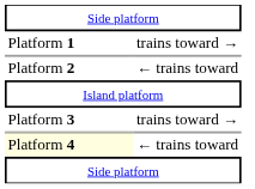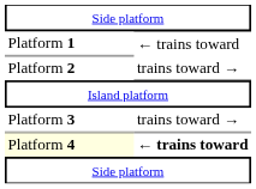 <table table border=0 cellspacing=0 cellpadding=3>
 <tr>
 <td style="border-top:solid 1px black;border-right:solid 2px black;border-left:solid 2px black;border-bottom:solid 2px black;text-align:center;" colspan=2><small><a href='#'>Side platform</a></small></td>
 </tr>
 <tr>
 <td style="border-bottom:solid 1px gray;" width=125>Platform <strong>1</strong></td>
-<td style="border-bottom:solid 1px gray;">  trains toward   →</td>
+<td style="border-top:solid 1px gray;">←  trains toward  </td>
 </tr>
 <tr>
 <td style="border-top:solid 1px gray;" width=125>Platform <strong>2</strong></td>
-<td style="border-top:solid 1px gray;">←  trains toward  </td>
+<td style="border-bottom:solid 1px gray;">  trains toward   →</td>
 </tr>
 <tr>
 <td style="border-top:solid 2px black;border-right:solid 2px black;border-left:solid 2px black;border-bottom:solid 2px black;text-align:center;" colspan=2><small><a href='#'>Island platform</a></small></td>
 </tr>
 <tr>
 <td style="border-bottom:solid 1px gray;" width=125>Platform <strong>3</strong></td>
 <td style="border-bottom:solid 1px gray;">  trains toward   →</td>
 </tr>
 <tr>
 <td style="background: lightyellow; border-top:solid 1px gray;" width=125>Platform <strong>4</strong></td>
-<td style="border-top:solid 1px gray;">←  trains toward  </td>
+<td style="border-top:solid 1px gray;"><strong>←  trains toward  </strong></td>
 </tr>
 <tr>
 <td style="border-top:solid 2px black;border-right:solid 2px black;border-left:solid 2px black;border-bottom:solid 1px black;text-align:center;" colspan=2><small><a href='#'>Side platform</a></small></td>
 </tr>
 </table>
